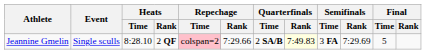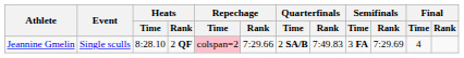 <table class="wikitable" style="font-size:90%">
 <tr>
 <th rowspan="2">Athlete</th>
 <th rowspan="2">Event</th>
 <th colspan="2">Heats</th>
 <th colspan="2">Repechage</th>
 <th colspan="2">Quarterfinals</th>
 <th colspan="2">Semifinals</th>
 <th colspan="2">Final</th>
 </tr>
 <tr style="font-size:95%">
 <th>Time</th>
 <th>Rank</th>
 <th>Time</th>
 <th>Rank</th>
 <th>Time</th>
 <th>Rank</th>
 <th>Time</th>
 <th>Rank</th>
 <th>Time</th>
 <th>Rank</th>
 </tr>
 <tr align=center>
 <td align=left><a href='#'>Jeannine Gmelin</a></td>
 <td align=left><a href='#'>Single sculls</a></td>
 <td>8:28.10</td>
 <td>2 <strong>QF</strong></td>
 <td style="background: pink;">colspan=2 </td>
 <td>7:29.66</td>
 <td>2 <strong>SA/B</strong></td>
-<td style="background: lightyellow;">7:49.83</td>
+<td>7:49.83</td>
 <td>3 <strong>FA</strong></td>
 <td>7:29.69</td>
-<td>5</td>
+<td>4</td>
 </tr>
 </table>
